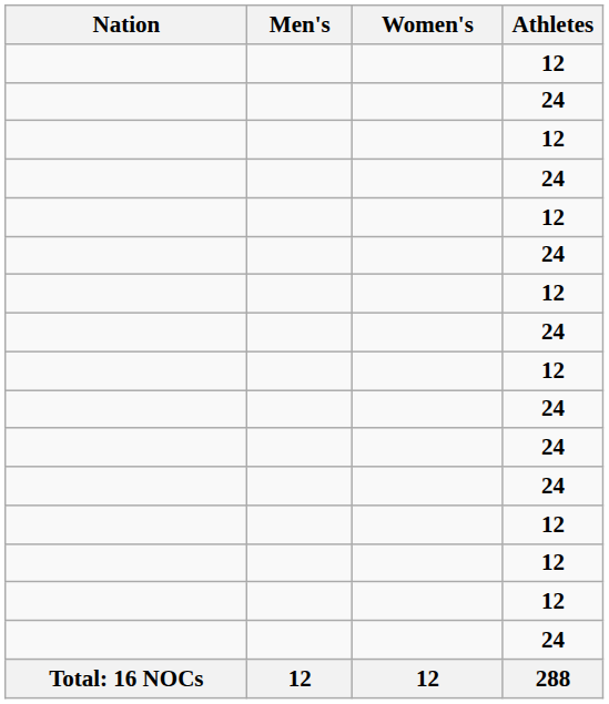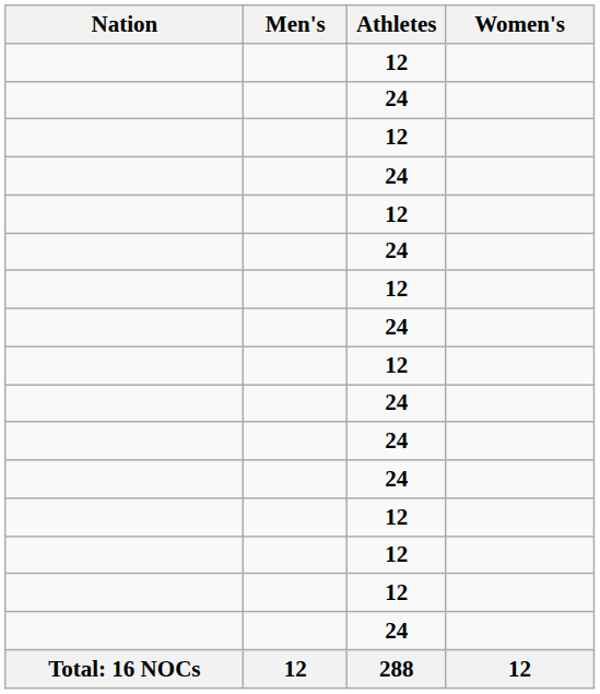 <table class="wikitable sortable" width=370 style="text-align:center; font-size:90%">
 <tr>
 <th>Nation</th>
 <th>Men's</th>
+<th width=55>Athletes</th>
 <th>Women's</th>
-<th width=55>Athletes</th>
 </tr>
 <tr>
 <td style="text-align:left;"></td>
 <td></td>
+<td><strong>12</strong></td>
 <td></td>
-<td><strong>12</strong></td>
 </tr>
 <tr>
 <td style="text-align:left;"></td>
 <td></td>
+<td><strong>24</strong></td>
 <td></td>
-<td><strong>24</strong></td>
 </tr>
 <tr>
 <td style="text-align:left;"></td>
 <td></td>
+<td><strong>12</strong></td>
 <td></td>
-<td><strong>12</strong></td>
 </tr>
 <tr>
 <td style="text-align:left;"></td>
 <td></td>
+<td><strong>24</strong></td>
 <td></td>
-<td><strong>24</strong></td>
 </tr>
 <tr>
 <td style="text-align:left;"></td>
 <td></td>
+<td><strong>12</strong></td>
 <td></td>
-<td><strong>12</strong></td>
 </tr>
 <tr>
 <td style="text-align:left;"></td>
 <td></td>
+<td><strong>24</strong></td>
 <td></td>
-<td><strong>24</strong></td>
 </tr>
 <tr>
 <td style="text-align:left;"></td>
 <td></td>
+<td><strong>12</strong></td>
 <td></td>
-<td><strong>12</strong></td>
 </tr>
 <tr>
 <td style="text-align:left;"></td>
 <td></td>
+<td><strong>24</strong></td>
 <td></td>
-<td><strong>24</strong></td>
 </tr>
 <tr>
 <td style="text-align:left;"></td>
 <td></td>
+<td><strong>12</strong></td>
 <td></td>
-<td><strong>12</strong></td>
 </tr>
 <tr>
 <td style="text-align:left;"></td>
 <td></td>
+<td><strong>24</strong></td>
 <td></td>
-<td><strong>24</strong></td>
 </tr>
 <tr>
 <td style="text-align:left;"></td>
 <td></td>
+<td><strong>24</strong></td>
 <td></td>
-<td><strong>24</strong></td>
 </tr>
 <tr>
 <td style="text-align:left;"></td>
 <td></td>
+<td><strong>24</strong></td>
 <td></td>
-<td><strong>24</strong></td>
 </tr>
 <tr>
 <td style="text-align:left;"></td>
 <td></td>
+<td><strong>12</strong></td>
 <td></td>
-<td><strong>12</strong></td>
 </tr>
 <tr>
 <td style="text-align:left;"></td>
 <td></td>
+<td><strong>12</strong></td>
 <td></td>
-<td><strong>12</strong></td>
 </tr>
 <tr>
 <td style="text-align:left;"></td>
 <td></td>
+<td><strong>12</strong></td>
 <td></td>
-<td><strong>12</strong></td>
 </tr>
 <tr>
 <td style="text-align:left;"></td>
 <td></td>
+<td><strong>24</strong></td>
 <td></td>
-<td><strong>24</strong></td>
 </tr>
 <tr>
 <th>Total: 16 NOCs</th>
 <th>12</th>
+<th>288</th>
 <th>12</th>
-<th>288</th>
 </tr>
 </table>
